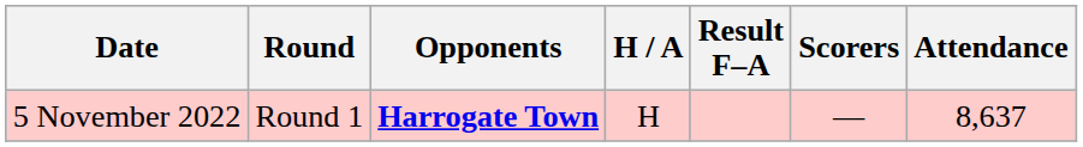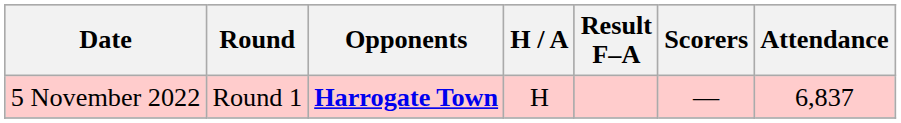 <table class="wikitable" style="text-align:center">
 <tr>
 <th>Date</th>
 <th>Round</th>
 <th>Opponents</th>
 <th>H / A</th>
 <th>Result<br>F–A</th>
 <th>Scorers</th>
 <th>Attendance</th>
 </tr>
 <tr bgcolor="#FFCCCC">
 <td>5 November 2022</td>
 <td>Round 1</td>
 <td><strong><a href='#'>Harrogate Town</a></strong></td>
 <td>H</td>
 <td></td>
 <td>—</td>
-<td>8,637</td>
+<td>6,837</td>
 </tr>
 </table>
